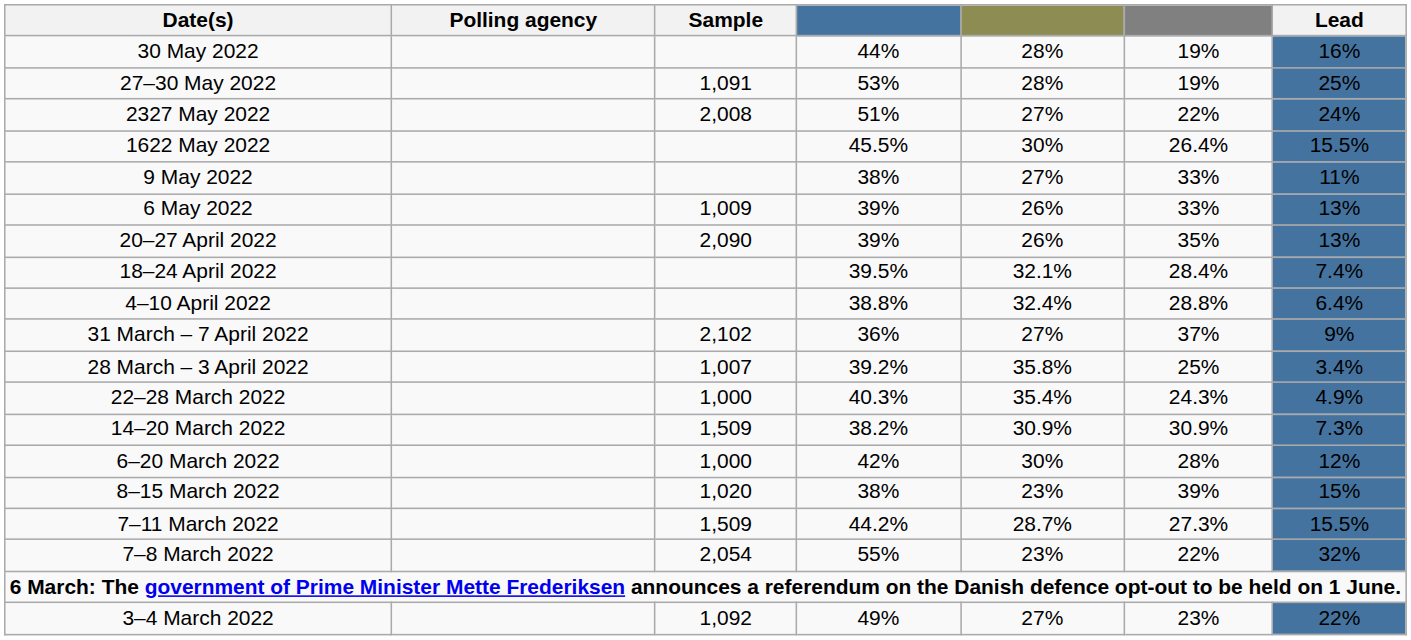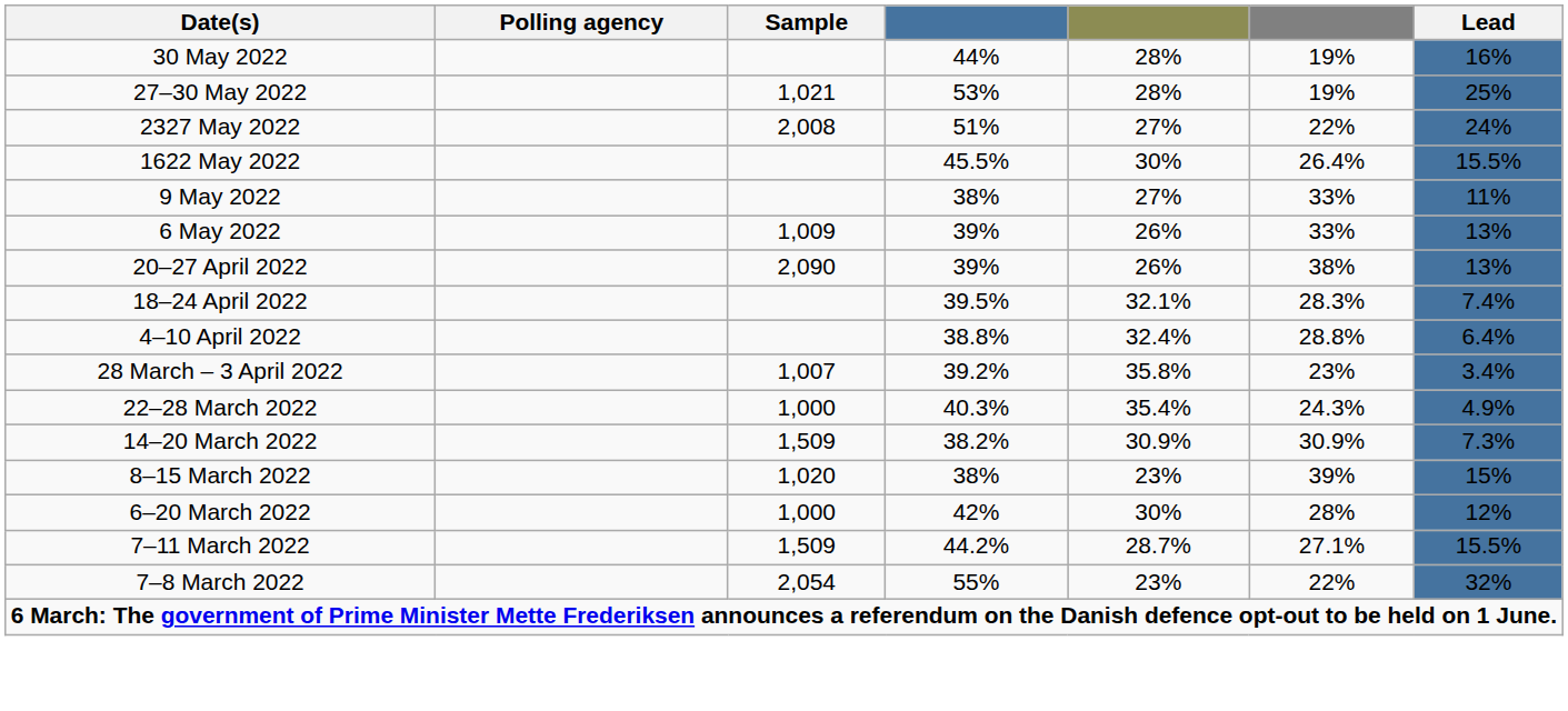 <table class="wikitable sortable" style="text-align:center;font-size:85%;line-height:14px">
 <tr>
 <th>Date(s)</th>
 <th>Polling agency</th>
 <th>Sample</th>
 <th class="unsortable" style="background: rgb(69, 115, 159); width: 100px; colour: white;"></th>
 <th class="unsortable" style="background: rgb(140, 140, 83); width: 100px; colour: white;"></th>
 <th class="unsortable" style="background:gray; width:90px; colour:white;"></th>
 <th class="unsortable" style="width: 80px;">Lead</th>
 </tr>
 <tr>
 <td>30 May 2022</td>
 <td></td>
 <td></td>
 <td>44%</td>
 <td>28%</td>
 <td>19%</td>
 <td style="background:rgb(69, 115, 159); width:30px;"><span>16%</span></td>
 </tr>
 <tr>
 <td>27–30 May 2022</td>
 <td></td>
-<td>1,091</td>
+<td>1,021</td>
 <td>53%</td>
 <td>28%</td>
 <td>19%</td>
 <td style="background:rgb(69, 115, 159); width:30px;"><span>25%</span></td>
 </tr>
 <tr>
 <td>2327 May 2022</td>
 <td></td>
 <td>2,008</td>
 <td>51%</td>
 <td>27%</td>
 <td>22%</td>
 <td style="background:rgb(69, 115, 159); width:30px;"><span>24%</span></td>
 </tr>
 <tr>
 <td>1622 May 2022</td>
 <td></td>
 <td></td>
 <td>45.5%</td>
 <td>30%</td>
 <td>26.4%</td>
 <td style="background:rgb(69, 115, 159); width:30px;"><span>15.5%</span></td>
 </tr>
 <tr>
 <td>9 May 2022</td>
 <td></td>
 <td></td>
 <td>38%</td>
 <td>27%</td>
 <td>33%</td>
 <td style="background:rgb(69, 115, 159); width:30px;"><span>11%</span></td>
 </tr>
 <tr>
 <td>6 May 2022</td>
 <td></td>
 <td>1,009</td>
 <td>39%</td>
 <td>26%</td>
 <td>33%</td>
 <td style="background:rgb(69, 115, 159); width:30px;"><span>13%</span></td>
 </tr>
 <tr>
 <td>20–27 April 2022</td>
 <td></td>
 <td>2,090</td>
 <td>39%</td>
 <td>26%</td>
-<td>35%</td>
+<td>38%</td>
 <td style="background:rgb(69, 115, 159); width:30px;"><span>13%</span></td>
 </tr>
 <tr>
 <td>18–24 April 2022</td>
 <td></td>
 <td></td>
 <td>39.5%</td>
 <td>32.1%</td>
-<td>28.4%</td>
+<td>28.3%</td>
 <td style="background:rgb(69, 115, 159); width:30px;"><span>7.4%</span></td>
 </tr>
 <tr>
 <td>4–10 April 2022</td>
 <td></td>
 <td></td>
 <td>38.8%</td>
 <td>32.4%</td>
 <td>28.8%</td>
 <td style="background:rgb(69, 115, 159); width:30px;"><span>6.4%</span></td>
 </tr>
 <tr>
-<td>31 March – 7 April 2022</td>
-<td></td>
-<td>2,102</td>
-<td>36%</td>
-<td>27%</td>
-<td>37%</td>
-<td style="background:rgb(69, 115, 159); width:30px;"><span>9%</span></td>
-</tr>
-<tr>
 <td>28 March – 3 April 2022</td>
 <td></td>
 <td>1,007</td>
 <td>39.2%</td>
 <td>35.8%</td>
-<td>25%</td>
+<td>23%</td>
 <td style="background:rgb(69, 115, 159); width:30px;"><span>3.4%</span></td>
 </tr>
 <tr>
 <td>22–28 March 2022</td>
 <td></td>
 <td>1,000</td>
 <td>40.3%</td>
 <td>35.4%</td>
 <td>24.3%</td>
 <td style="background:rgb(69, 115, 159); width:30px;"><span>4.9%</span></td>
 </tr>
 <tr>
 <td>14–20 March 2022</td>
 <td></td>
 <td>1,509</td>
 <td>38.2%</td>
 <td>30.9%</td>
 <td>30.9%</td>
 <td style="background:rgb(69, 115, 159); width:30px;"><span>7.3%</span></td>
 </tr>
 <tr>
+<td>8–15 March 2022</td>
+<td></td>
+<td>1,020</td>
+<td>38%</td>
+<td>23%</td>
+<td>39%</td>
+<td style="background:rgb(69, 115, 159); width:30px;"><span>15%</span></td>
+</tr>
+<tr>
 <td>6–20 March 2022</td>
 <td></td>
 <td>1,000</td>
 <td>42%</td>
 <td>30%</td>
 <td>28%</td>
 <td style="background:rgb(69, 115, 159); width:30px;"><span>12%</span></td>
 </tr>
 <tr>
-<td>8–15 March 2022</td>
-<td></td>
-<td>1,020</td>
-<td>38%</td>
-<td>23%</td>
-<td>39%</td>
-<td style="background:rgb(69, 115, 159); width:30px;"><span>15%</span></td>
-</tr>
-<tr>
 <td>7–11 March 2022</td>
 <td></td>
 <td>1,509</td>
 <td>44.2%</td>
 <td>28.7%</td>
-<td>27.3%</td>
+<td>27.1%</td>
 <td style="background:rgb(69, 115, 159); width:30px;"><span>15.5%</span></td>
 </tr>
 <tr>
 <td>7–8 March 2022</td>
 <td></td>
 <td>2,054</td>
 <td>55%</td>
 <td>23%</td>
 <td>22%</td>
 <td style="background:rgb(69, 115, 159); width:30px;"><span>32%</span></td>
 </tr>
 <tr>
 <td colspan="7"><strong>6 March: The <a href='#'>government of Prime Minister Mette Frederiksen</a> announces a referendum on the Danish defence opt-out to be held on 1 June.</strong></td>
 </tr>
-<tr>
-<td>3–4 March 2022</td>
-<td></td>
-<td>1,092</td>
-<td>49%</td>
-<td>27%</td>
-<td>23%</td>
-<td style="background:rgb(69, 115, 159); width:30px;"><span>22%</span></td>
-</tr>
 </table>
